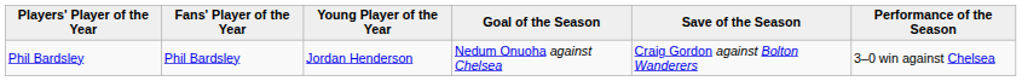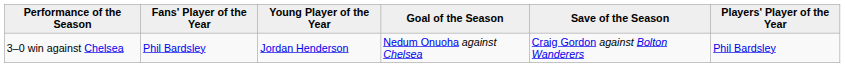 <table class="wikitable">
 <tr>
-<th scope="col" style="background:#efefef;">Players' Player of the Year</th>
+<th scope="col" style="background:#efefef;">Performance of the Season</th>
 <th scope="col" style="background:#efefef;">Fans' Player of the Year</th>
 <th scope="col" style="background:#efefef;">Young Player of the Year</th>
 <th scope="col" style="background:#efefef;">Goal of the Season</th>
 <th scope="col" style="background:#efefef;">Save of the Season</th>
-<th scope="col" style="background:#efefef;">Performance of the Season</th>
+<th scope="col" style="background:#efefef;">Players' Player of the Year</th>
 </tr>
 <tr>
-<td><a href='#'>Phil Bardsley</a></td>
+<td>3–0 win against <a href='#'>Chelsea</a></td>
 <td><a href='#'>Phil Bardsley</a></td>
 <td><a href='#'>Jordan Henderson</a></td>
 <td><a href='#'>Nedum Onuoha</a> <em>against <a href='#'>Chelsea</a></em></td>
 <td><a href='#'>Craig Gordon</a> <em>against <a href='#'>Bolton Wanderers</a></em></td>
-<td>3–0 win against <a href='#'>Chelsea</a></td>
+<td><a href='#'>Phil Bardsley</a></td>
 </tr>
 </table>
